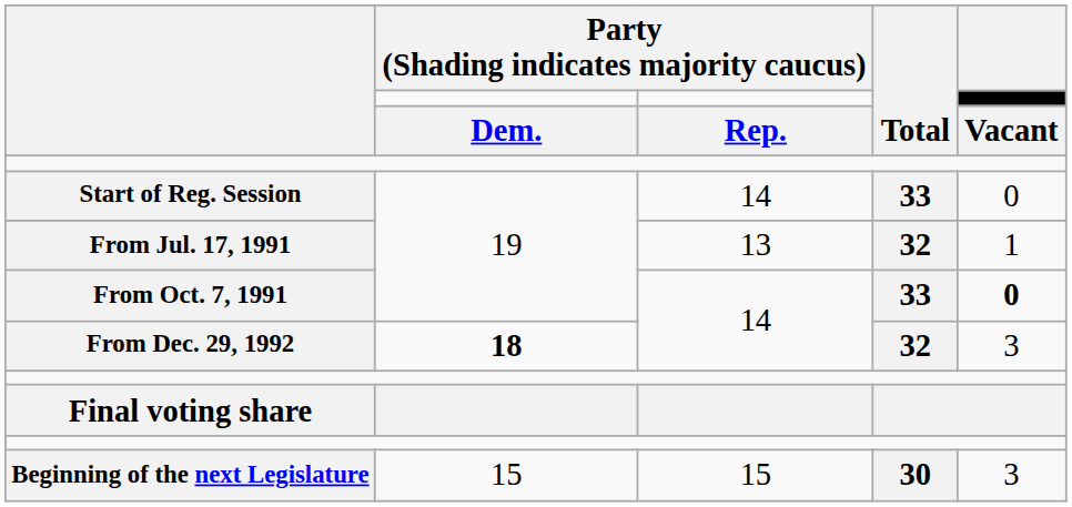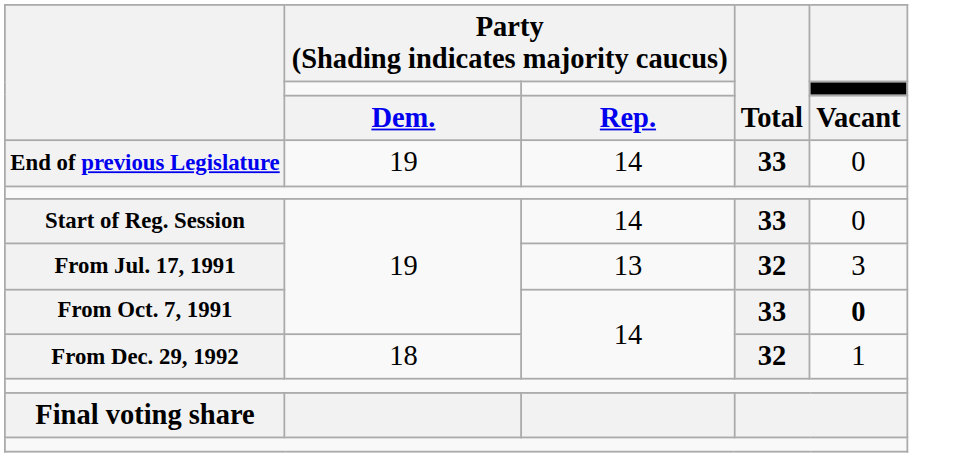 <table class=wikitable style="text-align:center">
 <tr style="vertical-align:bottom;">
 <th rowspan=3></th>
 <th colspan=2>Party <div>(Shading indicates majority caucus)</div></th>
 <th rowspan=3>Total</th>
 <th></th>
 </tr>
 <tr style="height:5px">
 <td style="background-color:"></td>
 <td style="background-color:"></td>
 <td style="background:black;"></td>
 </tr>
 <tr>
 <th><a href='#'>Dem.</a></th>
 <th><a href='#'>Rep.</a></th>
 <th>Vacant</th>
 </tr>
 <tr>
+<th style="font-size:80%;">End of <a href='#'>previous Legislature</a></th>
+<td>19</td>
+<td>14</td>
+<th>33</th>
+<td>0</td>
+</tr>
+<tr>
 <td colspan=5></td>
 </tr>
 <tr>
 <th style="font-size:80%;">Start of Reg. Session</th>
 <td rowspan="3" >19</td>
 <td>14</td>
 <th>33</th>
 <td>0</td>
 </tr>
 <tr>
 <th style="font-size:80%;">From Jul. 17, 1991</th>
 <td>13</td>
 <th>32</th>
-<td>1</td>
+<td>3</td>
 </tr>
 <tr>
 <th style="font-size:80%;">From Oct. 7, 1991</th>
 <td rowspan="2">14</td>
 <th>33</th>
 <td><strong>0</strong></td>
 </tr>
 <tr>
 <th style="font-size:80%;">From Dec. 29, 1992</th>
-<td><strong>18</strong></td>
+<td>18</td>
 <th>32</th>
-<td>3</td>
+<td>1</td>
 </tr>
 <tr>
 <td colspan=5></td>
 </tr>
 <tr>
 <th>Final voting share</th>
 <th></th>
 <th></th>
 <th colspan=2></th>
 </tr>
 <tr>
 <td colspan=5></td>
 </tr>
-<tr>
-<th style="font-size:80%;">Beginning of the <a href='#'>next Legislature</a></th>
-<td>15</td>
-<td>15</td>
-<th>30</th>
-<td>3</td>
-</tr>
 </table>
